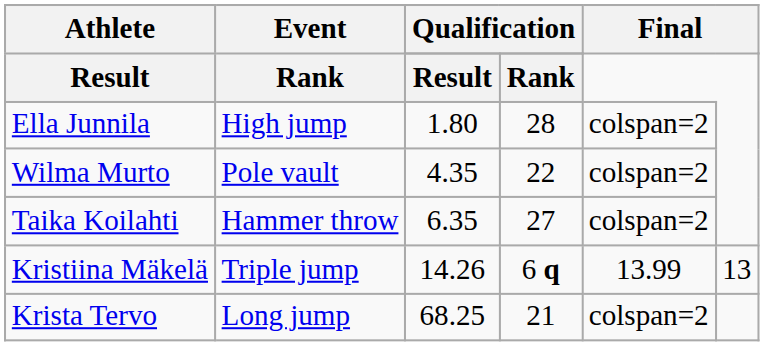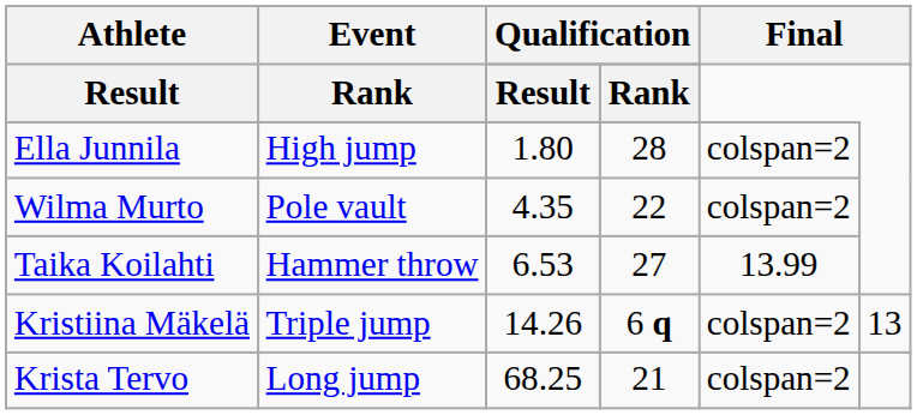 <table class=wikitable style=font-size:90%>
 <tr>
 <th rowspan=2>Athlete</th>
 <th rowspan=2>Event</th>
 <th colspan=2>Qualification</th>
 <th colspan=2>Final</th>
 </tr>
 <tr style=font-size:95%>
 </tr>
 <tr>
 <th>Result</th>
 <th>Rank</th>
 <th>Result</th>
 <th>Rank</th>
 </tr>
 <tr align=center>
 <td align=left><a href='#'>Ella Junnila</a></td>
 <td align=left><a href='#'>High jump</a></td>
 <td>1.80</td>
 <td>28</td>
 <td>colspan=2 </td>
 </tr>
 <tr align=center>
 <td align=left><a href='#'>Wilma Murto</a></td>
 <td align=left><a href='#'>Pole vault</a></td>
 <td>4.35</td>
 <td>22</td>
 <td>colspan=2 </td>
 </tr>
 <tr align=center>
 <td align=left><a href='#'>Taika Koilahti</a></td>
 <td align=left><a href='#'>Hammer throw</a></td>
-<td>6.35</td>
+<td>6.53</td>
 <td>27</td>
-<td>colspan=2 </td>
+<td>13.99</td>
 </tr>
 <tr align=center>
 <td align=left><a href='#'>Kristiina Mäkelä</a></td>
 <td align=left><a href='#'>Triple jump</a></td>
 <td>14.26</td>
 <td>6 <strong>q</strong></td>
-<td>13.99</td>
+<td>colspan=2 </td>
 <td>13</td>
 </tr>
 <tr align=center>
 <td align=left><a href='#'>Krista Tervo</a></td>
 <td align=left><a href='#'>Long jump</a></td>
 <td>68.25</td>
 <td>21</td>
 <td>colspan=2 </td>
 </tr>
 </table>
